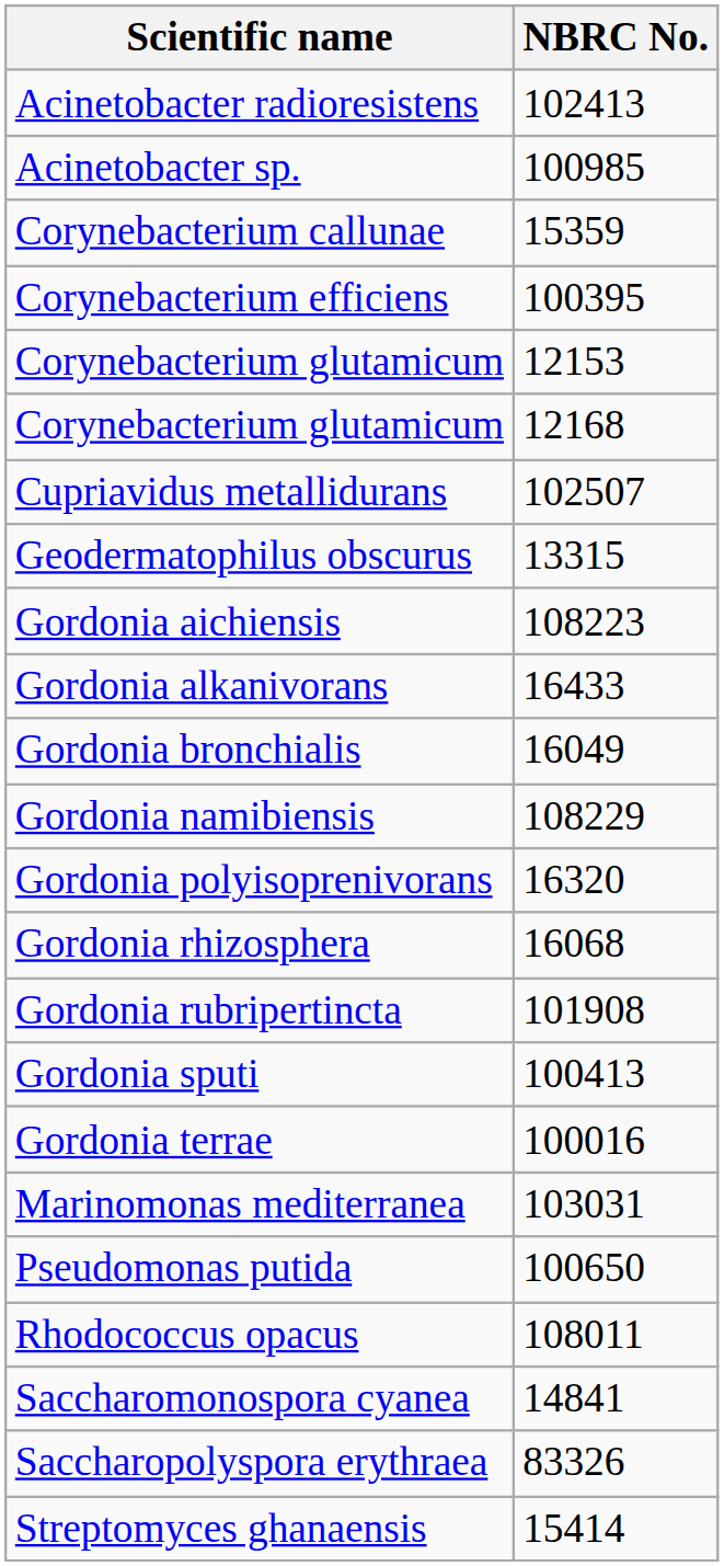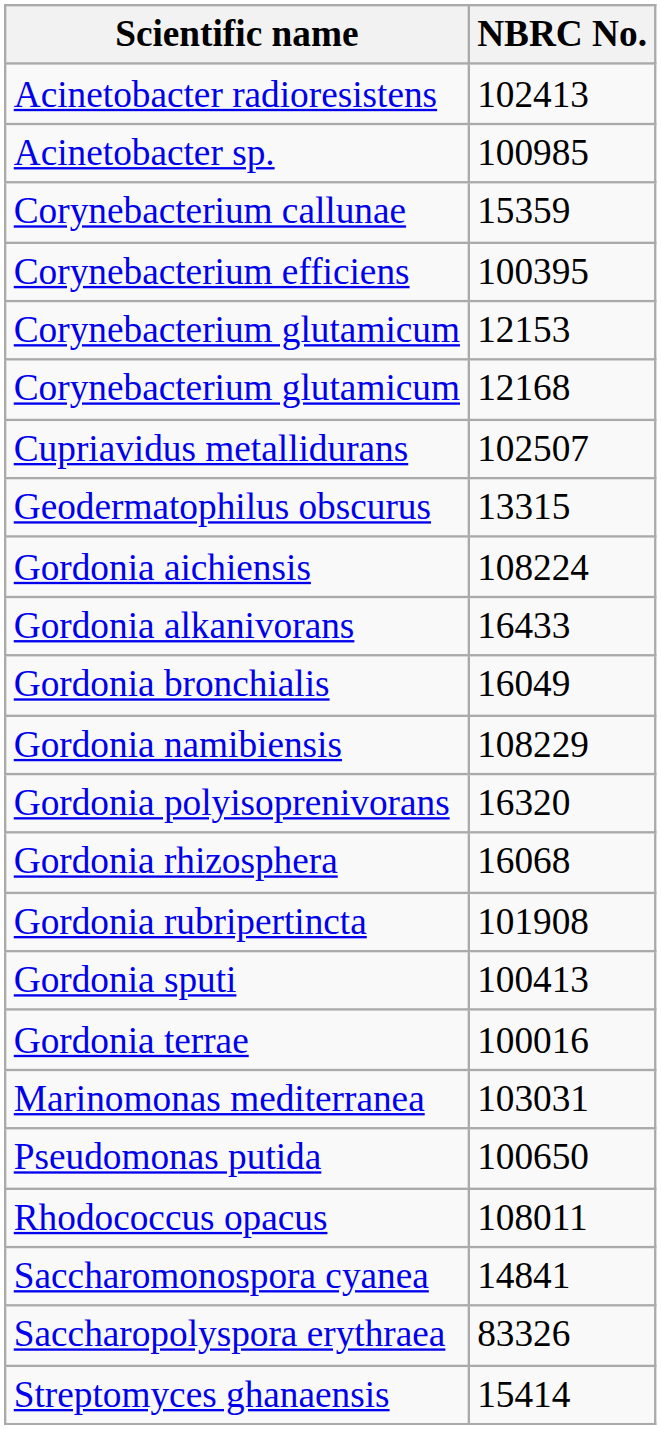 <table class="wikitable">
 <tr>
 <th>Scientific name</th>
 <th>NBRC No.</th>
 </tr>
 <tr>
 <td><a href='#'>Acinetobacter radioresistens</a></td>
 <td>102413</td>
 </tr>
 <tr>
 <td><a href='#'>Acinetobacter sp.</a></td>
 <td>100985</td>
 </tr>
 <tr>
 <td><a href='#'>Corynebacterium callunae</a></td>
 <td>15359</td>
 </tr>
 <tr>
 <td><a href='#'>Corynebacterium efficiens</a></td>
 <td>100395</td>
 </tr>
 <tr>
 <td><a href='#'>Corynebacterium glutamicum</a></td>
 <td>12153</td>
 </tr>
 <tr>
 <td><a href='#'>Corynebacterium glutamicum</a></td>
 <td>12168</td>
 </tr>
 <tr>
 <td><a href='#'>Cupriavidus metallidurans</a></td>
 <td>102507</td>
 </tr>
 <tr>
 <td><a href='#'>Geodermatophilus obscurus</a></td>
 <td>13315</td>
 </tr>
 <tr>
 <td><a href='#'>Gordonia aichiensis</a></td>
-<td>108223</td>
+<td>108224</td>
 </tr>
 <tr>
 <td><a href='#'>Gordonia alkanivorans</a></td>
 <td>16433</td>
 </tr>
 <tr>
 <td><a href='#'>Gordonia bronchialis</a></td>
 <td>16049</td>
 </tr>
 <tr>
 <td><a href='#'>Gordonia namibiensis</a></td>
 <td>108229</td>
 </tr>
 <tr>
 <td><a href='#'>Gordonia polyisoprenivorans</a></td>
 <td>16320</td>
 </tr>
 <tr>
 <td><a href='#'>Gordonia rhizosphera</a></td>
 <td>16068</td>
 </tr>
 <tr>
 <td><a href='#'>Gordonia rubripertincta</a></td>
 <td>101908</td>
 </tr>
 <tr>
 <td><a href='#'>Gordonia sputi</a></td>
 <td>100413</td>
 </tr>
 <tr>
 <td><a href='#'>Gordonia terrae</a></td>
 <td>100016</td>
 </tr>
 <tr>
 <td><a href='#'>Marinomonas mediterranea</a></td>
 <td>103031</td>
 </tr>
 <tr>
 <td><a href='#'>Pseudomonas putida</a></td>
 <td>100650</td>
 </tr>
 <tr>
 <td><a href='#'>Rhodococcus opacus</a></td>
 <td>108011</td>
 </tr>
 <tr>
 <td><a href='#'>Saccharomonospora cyanea</a></td>
 <td>14841</td>
 </tr>
 <tr>
 <td><a href='#'>Saccharopolyspora erythraea</a></td>
 <td>83326</td>
 </tr>
 <tr>
 <td><a href='#'>Streptomyces ghanaensis</a></td>
 <td>15414</td>
 </tr>
 </table>
